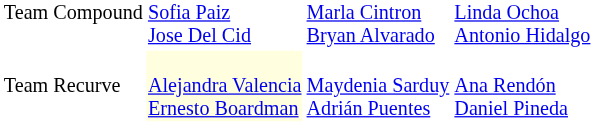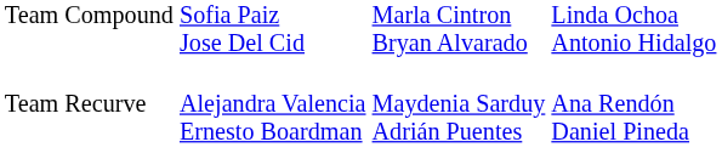 <table>
 <tr>
 <td>Team Compound</td>
 <td><br><a href='#'>Sofia Paiz</a><br><a href='#'>Jose Del Cid</a></td>
 <td><br><a href='#'>Marla Cintron</a><br><a href='#'>Bryan Alvarado</a></td>
 <td><br><a href='#'>Linda Ochoa</a><br><a href='#'>Antonio Hidalgo</a></td>
 </tr>
 <tr>
 <td>Team Recurve</td>
-<td style="background: lightyellow;"><br><a href='#'>Alejandra Valencia</a><br><a href='#'>Ernesto Boardman</a></td>
+<td><br><a href='#'>Alejandra Valencia</a><br><a href='#'>Ernesto Boardman</a></td>
 <td><br><a href='#'>Maydenia Sarduy</a><br><a href='#'>Adrián Puentes</a></td>
 <td><br><a href='#'>Ana Rendón</a><br><a href='#'>Daniel Pineda</a></td>
 </tr>
 </table>
